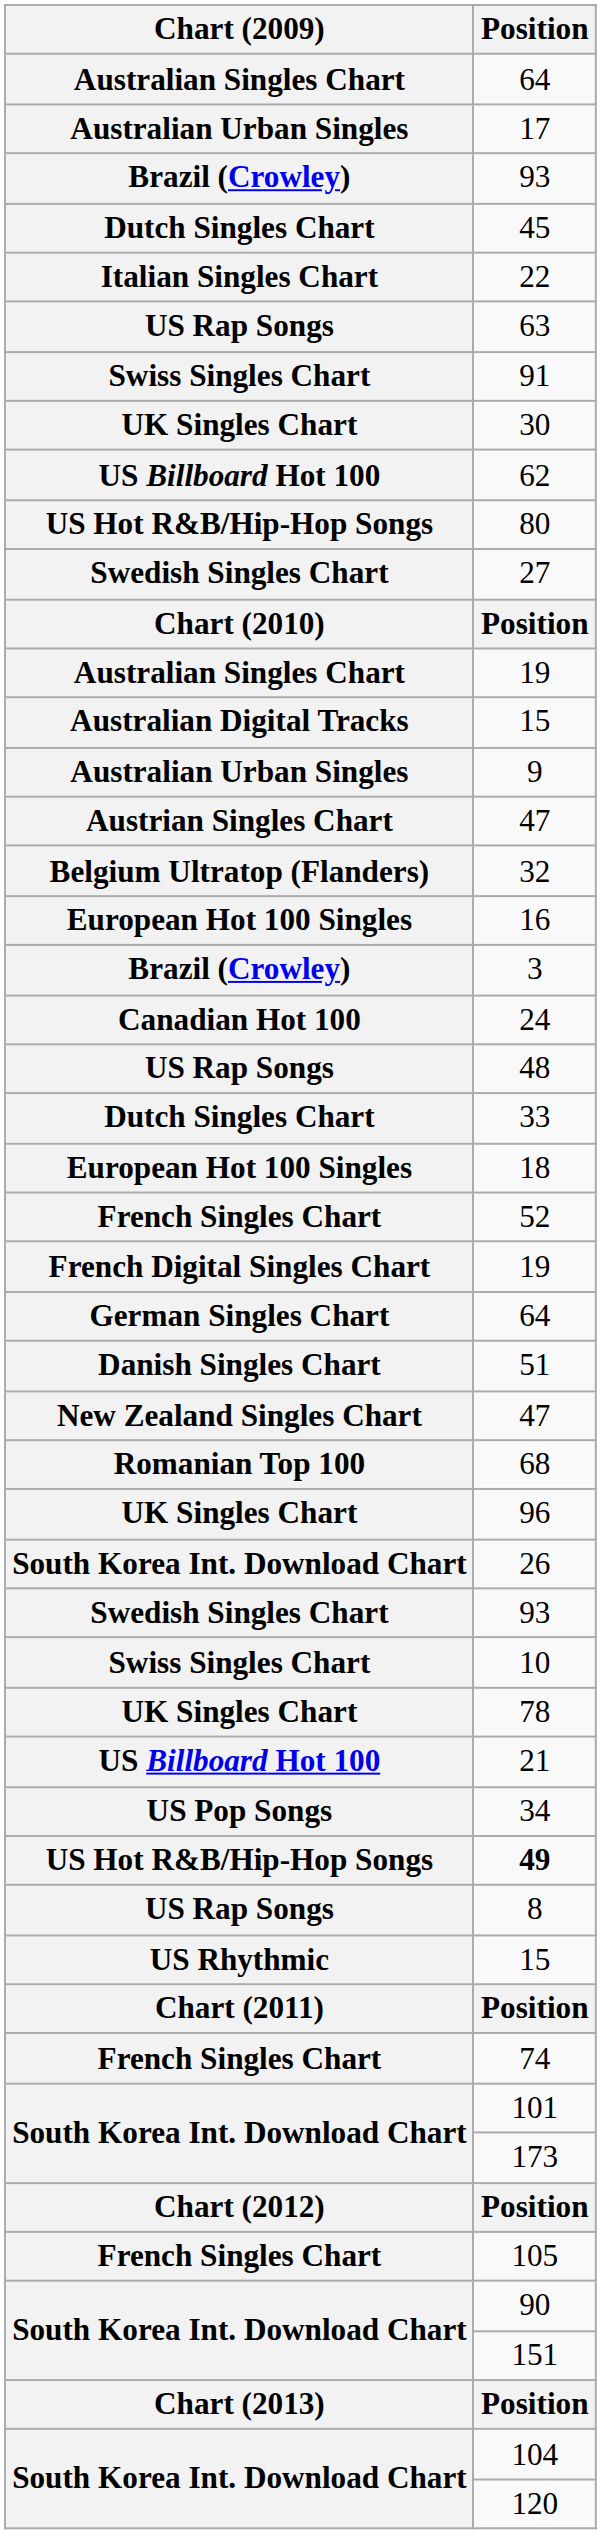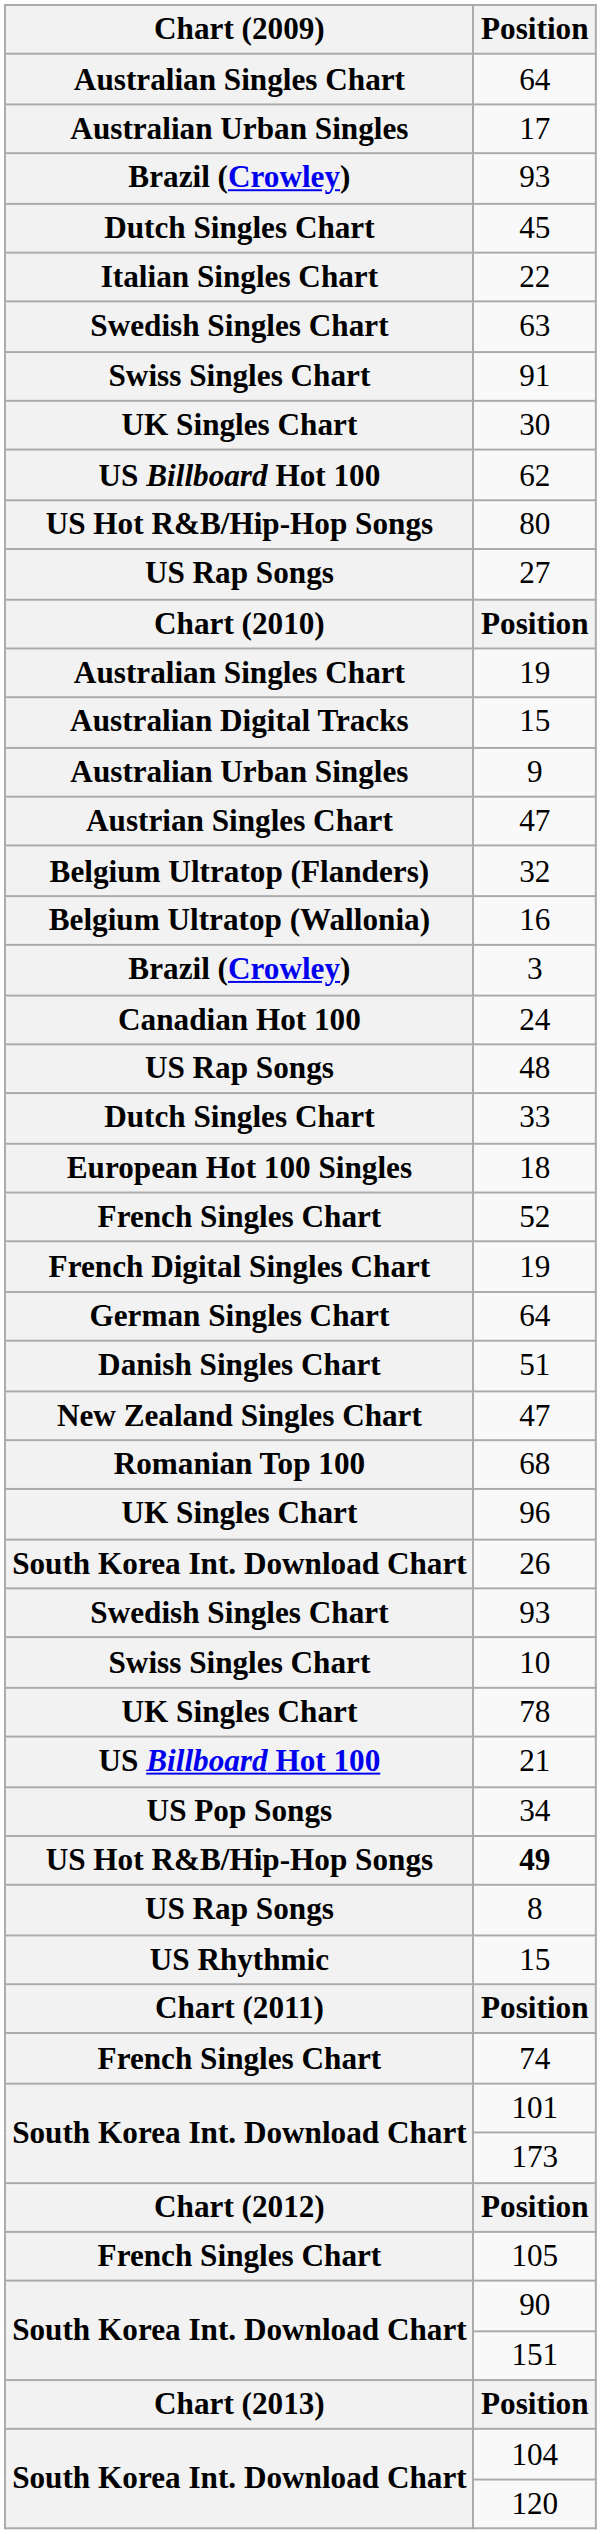 <table class="wikitable plainrowheaders sortable" style="text-align:center;">
 <tr>
 <th scope="col">Chart (2009)</th>
 <th scope="col">Position</th>
 </tr>
 <tr>
 <th scope="row">Australian Singles Chart</th>
 <td>64</td>
 </tr>
 <tr>
 <th scope="row">Australian Urban Singles</th>
 <td>17</td>
 </tr>
 <tr>
 <th scope="row">Brazil (<a href='#'>Crowley</a>)</th>
 <td>93</td>
 </tr>
 <tr>
 <th scope="row">Dutch Singles Chart</th>
 <td>45</td>
 </tr>
 <tr>
 <th scope="row">Italian Singles Chart</th>
 <td>22</td>
 </tr>
 <tr>
-<th scope="row">US Rap Songs</th>
+<th scope="row">Swedish Singles Chart</th>
 <td>63</td>
 </tr>
 <tr>
 <th scope="row">Swiss Singles Chart</th>
 <td>91</td>
 </tr>
 <tr>
 <th scope="row">UK Singles Chart</th>
 <td>30</td>
 </tr>
 <tr>
 <th scope="row">US <em>Billboard</em> Hot 100</th>
 <td>62</td>
 </tr>
 <tr>
 <th scope="row">US Hot R&B/Hip-Hop Songs</th>
 <td>80</td>
 </tr>
 <tr>
-<th scope="row">Swedish Singles Chart</th>
+<th scope="row">US Rap Songs</th>
 <td>27</td>
 </tr>
 <tr>
 <th scope="col">Chart (2010)</th>
 <th scope="col">Position</th>
 </tr>
 <tr>
 <th scope="row">Australian Singles Chart</th>
 <td>19</td>
 </tr>
 <tr>
 <th scope="row">Australian Digital Tracks</th>
 <td>15</td>
 </tr>
 <tr>
 <th scope="row">Australian Urban Singles</th>
 <td>9</td>
 </tr>
 <tr>
 <th scope="row">Austrian Singles Chart</th>
 <td>47</td>
 </tr>
 <tr>
 <th scope="row">Belgium Ultratop (Flanders)</th>
 <td>32</td>
 </tr>
 <tr>
-<th scope="row">European Hot 100 Singles</th>
+<th scope="row">Belgium Ultratop (Wallonia)</th>
 <td>16</td>
 </tr>
 <tr>
 <th scope="row">Brazil (<a href='#'>Crowley</a>)</th>
 <td>3</td>
 </tr>
 <tr>
 <th scope="row">Canadian Hot 100</th>
 <td>24</td>
 </tr>
 <tr>
 <th scope="row">US Rap Songs</th>
 <td>48</td>
 </tr>
 <tr>
 <th scope="row">Dutch Singles Chart</th>
 <td>33</td>
 </tr>
 <tr>
 <th scope="row">European Hot 100 Singles</th>
 <td>18</td>
 </tr>
 <tr>
 <th scope="row">French Singles Chart</th>
 <td>52</td>
 </tr>
 <tr>
 <th scope="row">French Digital Singles Chart</th>
 <td>19</td>
 </tr>
 <tr>
 <th scope="row">German Singles Chart</th>
 <td>64</td>
 </tr>
 <tr>
 <th scope="row">Danish Singles Chart</th>
 <td>51</td>
 </tr>
 <tr>
 <th scope="row">New Zealand Singles Chart</th>
 <td>47</td>
 </tr>
 <tr>
 <th scope="row">Romanian Top 100</th>
 <td>68</td>
 </tr>
 <tr>
 <th scope="row">UK Singles Chart</th>
 <td>96</td>
 </tr>
 <tr>
 <th scope="row">South Korea Int. Download Chart</th>
 <td style="text-align:center;">26</td>
 </tr>
 <tr>
 <th scope="row">Swedish Singles Chart</th>
 <td>93</td>
 </tr>
 <tr>
 <th scope="row">Swiss Singles Chart</th>
 <td>10</td>
 </tr>
 <tr>
 <th scope="row">UK Singles Chart</th>
 <td>78</td>
 </tr>
 <tr>
 <th scope="row">US <a href='#'><em>Billboard</em> Hot 100</a></th>
 <td>21</td>
 </tr>
 <tr>
 <th scope="row">US Pop Songs</th>
 <td>34</td>
 </tr>
 <tr>
 <th scope="row">US Hot R&B/Hip-Hop Songs</th>
 <td><strong>49</strong></td>
 </tr>
 <tr>
 <th scope="row">US Rap Songs</th>
 <td>8</td>
 </tr>
 <tr>
 <th scope="row">US Rhythmic</th>
 <td>15</td>
 </tr>
 <tr>
 <th scope="col">Chart (2011)</th>
 <th scope="col">Position</th>
 </tr>
 <tr>
 <th scope="row">French Singles Chart</th>
 <td>74</td>
 </tr>
 <tr>
 <th scope="row" rowspan="2">South Korea Int. Download Chart</th>
 <td style="text-align:center;">101</td>
 </tr>
 <tr>
 <td style="text-align:center;">173</td>
 </tr>
 <tr>
 <th scope="col">Chart (2012)</th>
 <th scope="col">Position</th>
 </tr>
 <tr>
 <th scope="row">French Singles Chart</th>
 <td>105</td>
 </tr>
 <tr>
 <th scope="row" rowspan="2">South Korea Int. Download Chart</th>
 <td style="text-align:center;">90</td>
 </tr>
 <tr>
 <td style="text-align:center;">151</td>
 </tr>
 <tr>
 <th scope="col">Chart (2013)</th>
 <th scope="col">Position</th>
 </tr>
 <tr>
 <th scope="row" rowspan="2">South Korea Int. Download Chart</th>
 <td style="text-align:center;">104</td>
 </tr>
 <tr>
 <td style="text-align:center;">120</td>
 </tr>
 </table>
